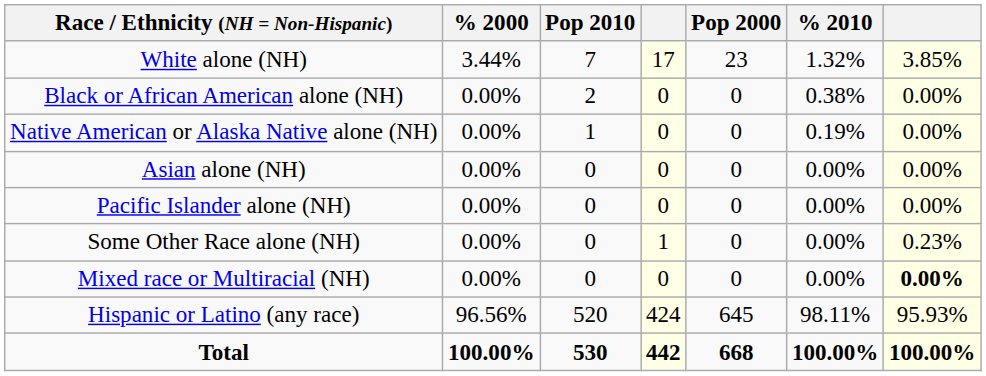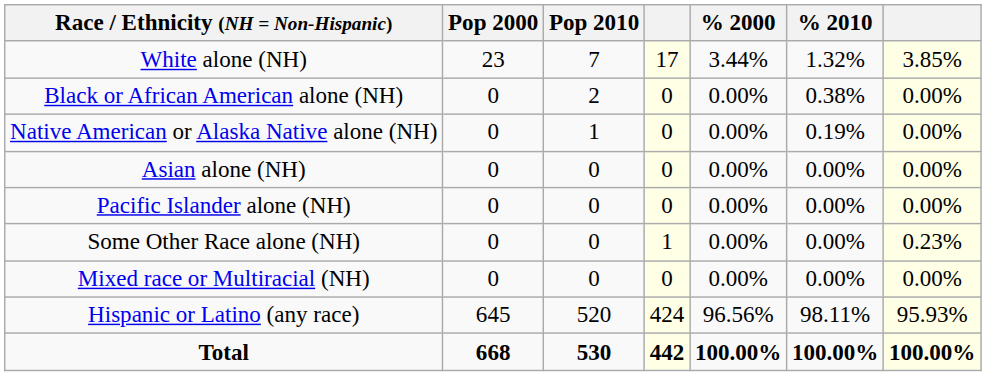 <table class="wikitable" style="text-align:center;">
 <tr>
 <th>Race / Ethnicity <small>(<em>NH = Non-Hispanic</em>)</small></th>
-<th>% 2000</th>
+<th>Pop 2000</th>
 <th>Pop 2010</th>
 <th></th>
-<th>Pop 2000</th>
+<th>% 2000</th>
 <th>% 2010</th>
 <th></th>
 </tr>
 <tr>
 <td><a href='#'>White</a> alone (NH)</td>
-<td>3.44%</td>
+<td>23</td>
 <td>7</td>
 <td style='background: #ffffe6;'>17</td>
-<td>23</td>
+<td>3.44%</td>
 <td>1.32%</td>
 <td style='background: #ffffe6;'>3.85%</td>
 </tr>
 <tr>
 <td><a href='#'>Black or African American</a> alone (NH)</td>
-<td>0.00%</td>
+<td>0</td>
 <td>2</td>
 <td style='background: #ffffe6;'>0</td>
-<td>0</td>
+<td>0.00%</td>
 <td>0.38%</td>
 <td style='background: #ffffe6;'>0.00%</td>
 </tr>
 <tr>
 <td><a href='#'>Native American</a> or <a href='#'>Alaska Native</a> alone (NH)</td>
-<td>0.00%</td>
+<td>0</td>
 <td>1</td>
 <td style='background: #ffffe6;'>0</td>
-<td>0</td>
+<td>0.00%</td>
 <td>0.19%</td>
 <td style='background: #ffffe6;'>0.00%</td>
 </tr>
 <tr>
 <td><a href='#'>Asian</a> alone (NH)</td>
-<td>0.00%</td>
+<td>0</td>
 <td>0</td>
 <td style='background: #ffffe6;'>0</td>
-<td>0</td>
+<td>0.00%</td>
 <td>0.00%</td>
 <td style='background: #ffffe6;'>0.00%</td>
 </tr>
 <tr>
 <td><a href='#'>Pacific Islander</a> alone (NH)</td>
-<td>0.00%</td>
+<td>0</td>
 <td>0</td>
 <td style='background: #ffffe6;'>0</td>
-<td>0</td>
+<td>0.00%</td>
 <td>0.00%</td>
 <td style='background: #ffffe6;'>0.00%</td>
 </tr>
 <tr>
 <td>Some Other Race alone (NH)</td>
-<td>0.00%</td>
+<td>0</td>
 <td>0</td>
 <td style='background: #ffffe6;'>1</td>
-<td>0</td>
+<td>0.00%</td>
 <td>0.00%</td>
 <td style='background: #ffffe6;'>0.23%</td>
 </tr>
 <tr>
 <td><a href='#'>Mixed race or Multiracial</a> (NH)</td>
-<td>0.00%</td>
+<td>0</td>
 <td>0</td>
 <td style='background: #ffffe6;'>0</td>
-<td>0</td>
 <td>0.00%</td>
-<td style='background: #ffffe6;'><strong>0.00%</strong></td>
+<td>0.00%</td>
+<td style='background: #ffffe6;'>0.00%</td>
 </tr>
 <tr>
 <td><a href='#'>Hispanic or Latino</a> (any race)</td>
-<td>96.56%</td>
+<td>645</td>
 <td>520</td>
 <td style='background: #ffffe6;'>424</td>
-<td>645</td>
+<td>96.56%</td>
 <td>98.11%</td>
 <td style='background: #ffffe6;'>95.93%</td>
 </tr>
 <tr>
 <td><strong>Total</strong></td>
-<td><strong>100.00%</strong></td>
+<td><strong>668</strong></td>
 <td><strong>530</strong></td>
 <td style='background: #ffffe6;'><strong>442</strong></td>
-<td><strong>668</strong></td>
+<td><strong>100.00%</strong></td>
 <td><strong>100.00%</strong></td>
 <td style='background: #ffffe6;'><strong>100.00%</strong></td>
 </tr>
 </table>
